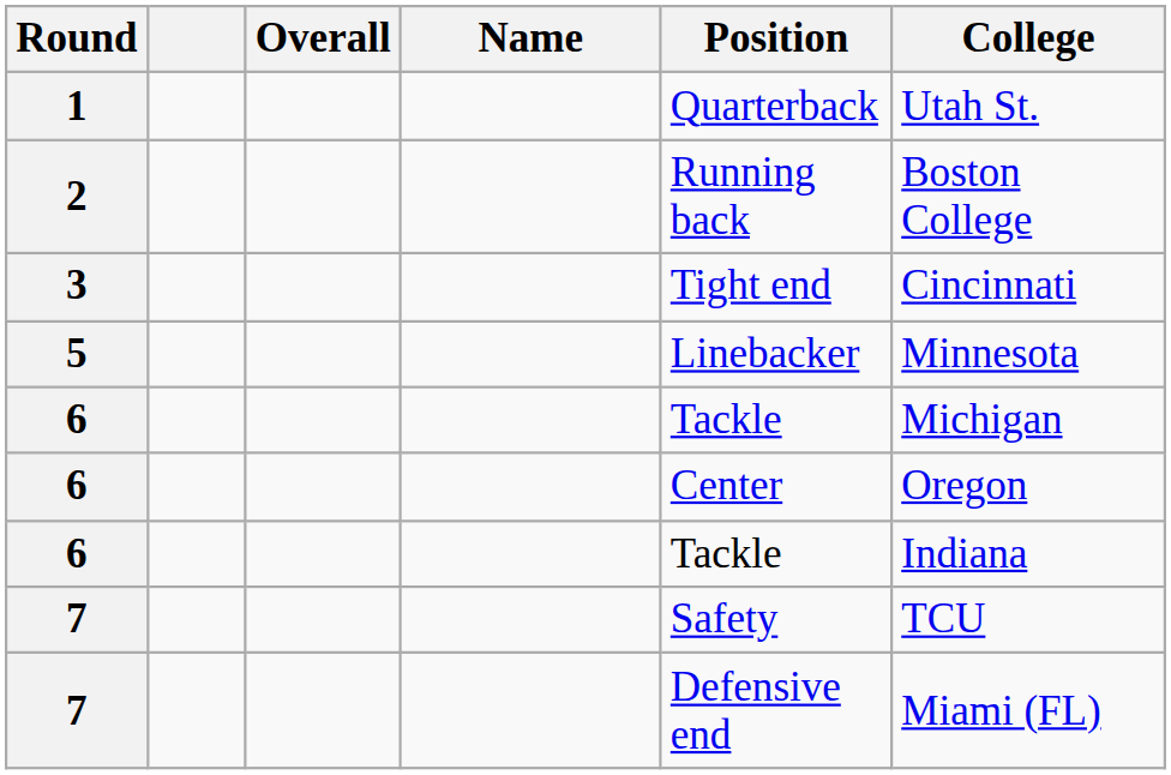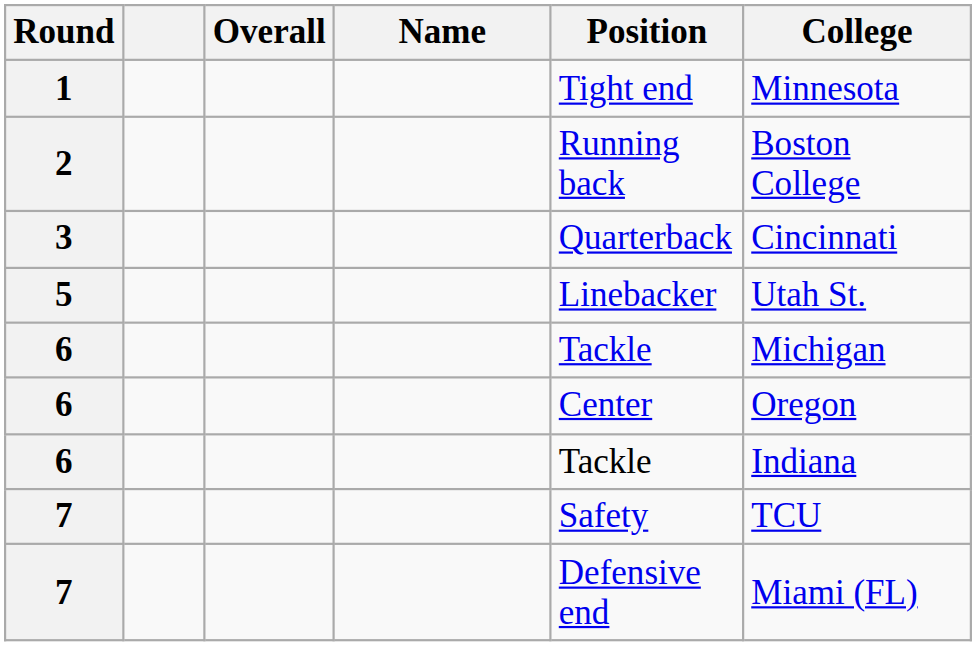 <table class="wikitable sortable" style="width: 50%;">
 <tr>
 <th scope="col" style="width: 10%;">Round</th>
 <th scope="col" style="width: 10%;"></th>
 <th scope="col" style="width: 10%;">Overall</th>
 <th scope="col" style="width: 25%;">Name</th>
 <th scope="col" style="width: 20%;">Position</th>
 <th scope="col" style="width: 25%;">College</th>
 </tr>
 <tr>
 <th scope="row">1</th>
 <td></td>
 <td></td>
 <td></td>
-<td><a href='#'>Quarterback</a></td>
-<td><a href='#'>Utah St.</a></td>
+<td><a href='#'>Tight end</a></td>
+<td><a href='#'>Minnesota</a></td>
 </tr>
 <tr>
 <th scope="row">2</th>
 <td></td>
 <td></td>
 <td></td>
 <td><a href='#'>Running back</a></td>
 <td><a href='#'>Boston College</a></td>
 </tr>
 <tr>
 <th scope="row">3</th>
 <td></td>
 <td></td>
 <td></td>
-<td><a href='#'>Tight end</a></td>
+<td><a href='#'>Quarterback</a></td>
 <td><a href='#'>Cincinnati</a></td>
 </tr>
 <tr>
 <th scope="row">5</th>
 <td></td>
 <td></td>
 <td></td>
 <td><a href='#'>Linebacker</a></td>
-<td><a href='#'>Minnesota</a></td>
+<td><a href='#'>Utah St.</a></td>
 </tr>
 <tr>
 <th scope="row">6</th>
 <td></td>
 <td></td>
 <td></td>
 <td><a href='#'>Tackle</a></td>
 <td><a href='#'>Michigan</a></td>
 </tr>
 <tr>
 <th scope="row">6</th>
 <td></td>
 <td></td>
 <td></td>
 <td><a href='#'>Center</a></td>
 <td><a href='#'>Oregon</a></td>
 </tr>
 <tr>
 <th scope="row">6</th>
 <td></td>
 <td></td>
 <td></td>
 <td>Tackle</td>
 <td><a href='#'>Indiana</a></td>
 </tr>
 <tr>
 <th scope="row">7</th>
 <td></td>
 <td></td>
 <td></td>
 <td><a href='#'>Safety</a></td>
 <td><a href='#'>TCU</a></td>
 </tr>
 <tr>
 <th scope="row">7</th>
 <td></td>
 <td></td>
 <td></td>
 <td><a href='#'>Defensive end</a></td>
 <td><a href='#'>Miami (FL)</a></td>
 </tr>
 </table>
